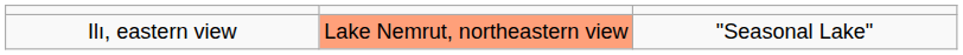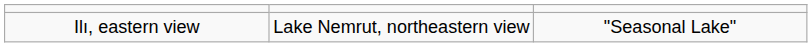 <table class="wikitable" style="text-align:center">
 <tr>
 <td width="33%"></td>
 <td width="33%"></td>
 <td></td>
 </tr>
 <tr>
 <td>Ilı, eastern view</td>
-<td style="background: lightsalmon;">Lake Nemrut, northeastern view</td>
+<td>Lake Nemrut, northeastern view</td>
 <td>"Seasonal Lake"</td>
 </tr>
 </table>
